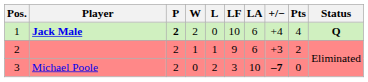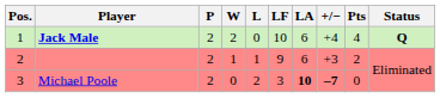 <table class="wikitable" style="text-align:center; margin: 1em auto 1em auto, align:left">
 <tr>
 <th width=20>Pos.</th>
 <th width=185>Player</th>
 <th width=20>P</th>
 <th width=20>W</th>
 <th width=20>L</th>
 <th width=20>LF</th>
 <th width=20>LA</th>
 <th width=25>+/−</th>
 <th width=20>Pts</th>
 <th width=70>Status</th>
 </tr>
 <tr style="background:#D0F0C0;">
 <td>1</td>
 <td align=left> <strong><a href='#'>Jack Male</a></strong></td>
-<td><strong>2</strong></td>
+<td>2</td>
 <td>2</td>
 <td>0</td>
 <td>10</td>
 <td>6</td>
 <td>+4</td>
 <td>4</td>
 <td><strong>Q</strong></td>
 </tr>
 <tr style="background:#FF8888;">
 <td>2</td>
 <td align=left></td>
 <td>2</td>
 <td>1</td>
 <td>1</td>
 <td>9</td>
 <td>6</td>
 <td>+3</td>
 <td>2</td>
 <td rowspan=2>Eliminated</td>
 </tr>
 <tr style="background:#FF8888;">
 <td>3</td>
 <td align=left> <a href='#'>Michael Poole</a></td>
 <td>2</td>
 <td>0</td>
 <td>2</td>
 <td>3</td>
-<td>10</td>
+<td><strong>10</strong></td>
 <td><strong>–7</strong></td>
 <td>0</td>
 </tr>
 </table>
